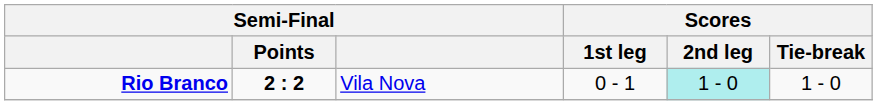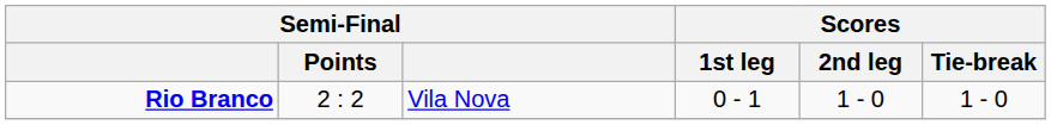 <table class="wikitable" style="text-align:center;">
 <tr>
 <th colspan=3>Semi-Final</th>
 <th colspan=3>Scores</th>
 </tr>
 <tr>
 <th width="175"></th>
 <th width="75">Points</th>
 <th width="175"></th>
 <th width="75">1st leg</th>
 <th width="75">2nd leg</th>
 <th width="75">Tie-break</th>
 </tr>
 <tr>
 <td align=right><strong><a href='#'>Rio Branco</a></strong></td>
-<td><strong>2 : 2</strong></td>
+<td>2 : 2</td>
 <td align=left><a href='#'>Vila Nova</a></td>
 <td>0 - 1</td>
-<td style="background: paleturquoise;">1 - 0</td>
+<td>1 - 0</td>
 <td>1 - 0</td>
 </tr>
 <tr>
 </tr>
 </table>
